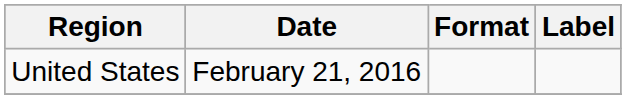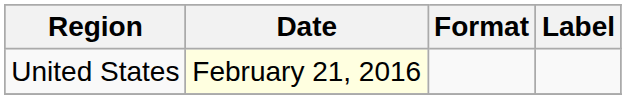 <table class="wikitable">
 <tr>
 <th>Region</th>
 <th>Date</th>
 <th>Format</th>
 <th>Label</th>
 </tr>
 <tr>
 <td>United States</td>
-<td>February 21, 2016</td>
+<td style="background: lightyellow;">February 21, 2016</td>
 <td></td>
 <td></td>
 </tr>
 <tr>
 </tr>
 </table>
